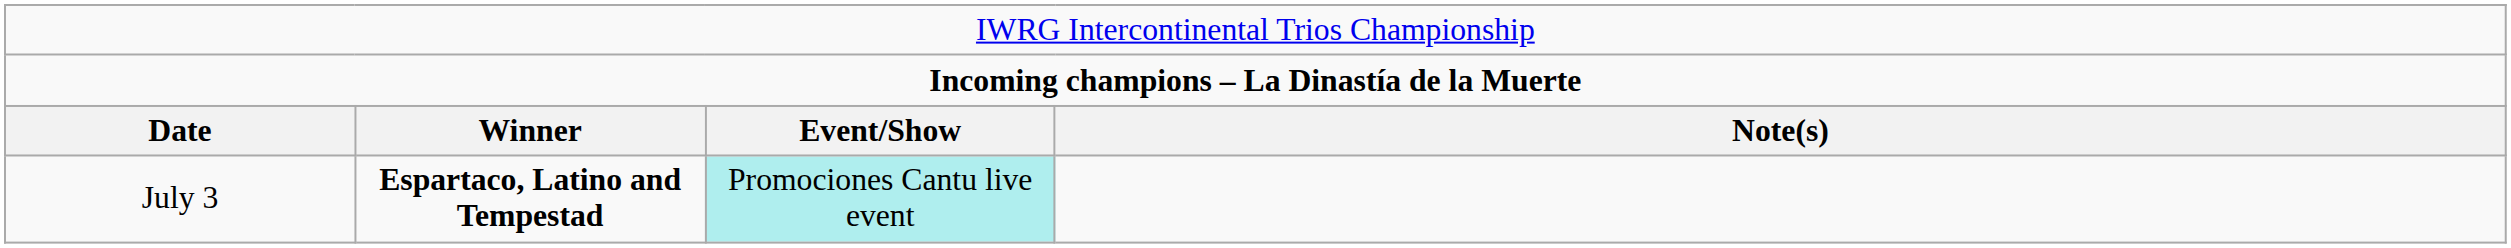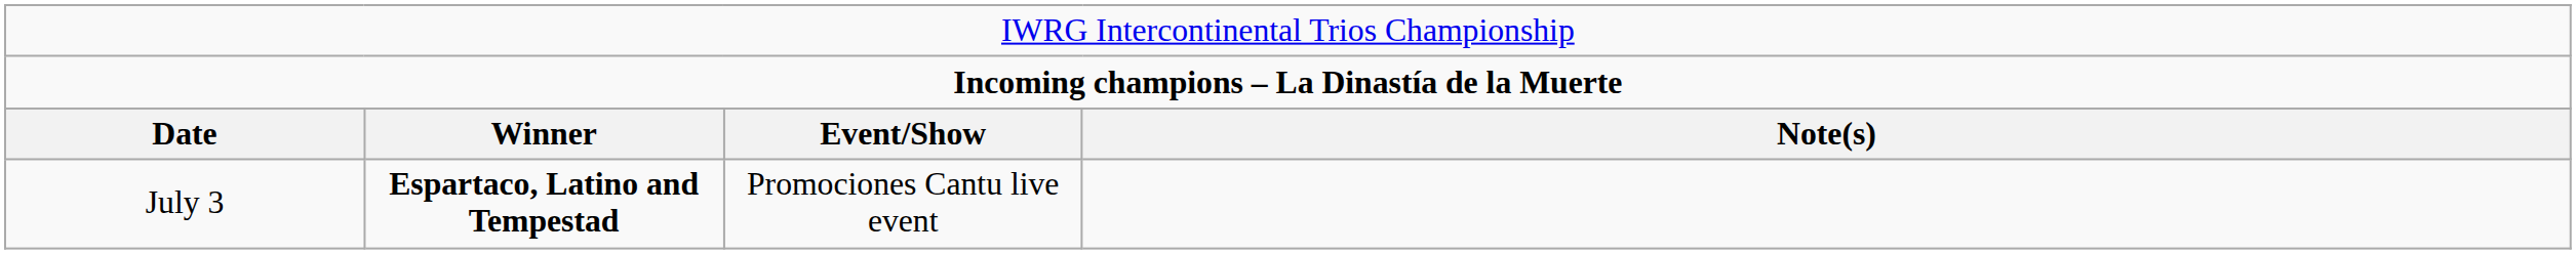 <table class="wikitable" style="text-align:center; width:100%;">
 <tr>
 <td colspan="4" style="text-align: center;"><a href='#'>IWRG Intercontinental Trios Championship</a></td>
 </tr>
 <tr>
 <td colspan="4" style="text-align: center;"><strong>Incoming champions – La Dinastía de la Muerte </strong></td>
 </tr>
 <tr>
 <th width=14%>Date</th>
 <th width=14%>Winner</th>
 <th width=14%>Event/Show</th>
 <th width=58%>Note(s)</th>
 </tr>
 <tr>
 <td>July 3</td>
 <td><strong>Espartaco, Latino and Tempestad</strong></td>
-<td style="background: paleturquoise;">Promociones Cantu live event</td>
+<td>Promociones Cantu live event</td>
 <td></td>
 </tr>
 </table>
